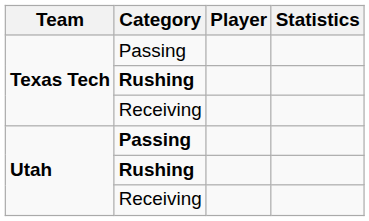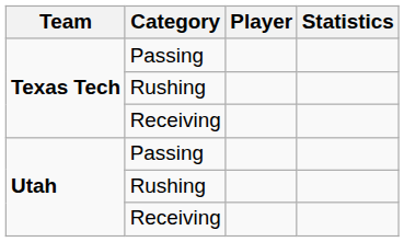 <table class="wikitable" style="float: right;">
 <tr>
 <th>Team</th>
 <th>Category</th>
 <th>Player</th>
 <th>Statistics</th>
 </tr>
 <tr>
 <td rowspan=3><strong>Texas Tech</strong></td>
 <td>Passing</td>
 <td></td>
 <td></td>
 </tr>
 <tr>
-<td><strong>Rushing</strong></td>
+<td>Rushing</td>
 <td></td>
 <td></td>
 </tr>
 <tr>
 <td>Receiving</td>
 <td></td>
 <td></td>
 </tr>
 <tr>
 <td rowspan=3><strong>Utah</strong></td>
-<td><strong>Passing</strong></td>
+<td>Passing</td>
 <td></td>
 <td></td>
 </tr>
 <tr>
-<td><strong>Rushing</strong></td>
+<td>Rushing</td>
 <td></td>
 <td></td>
 </tr>
 <tr>
 <td>Receiving</td>
 <td></td>
 <td></td>
 </tr>
 </table>
